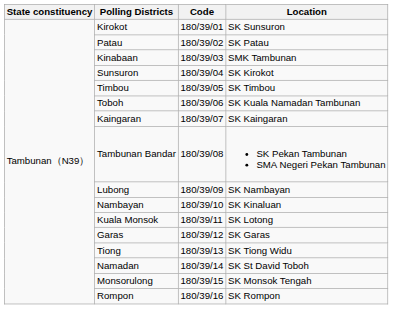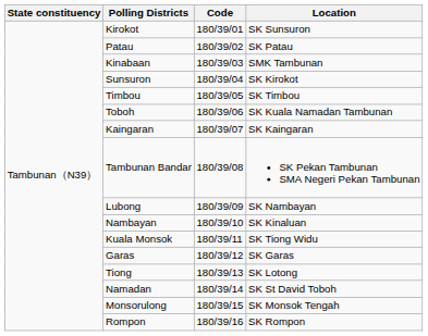 <table class="wikitable sortable mw-collapsible" style="white-space:nowrap;font-size:85%">
 <tr>
 <th>State constituency</th>
 <th>Polling Districts</th>
 <th>Code</th>
 <th>Location</th>
 </tr>
 <tr>
 <td rowspan="16">Tambunan（N39）</td>
 <td>Kirokot</td>
 <td>180/39/01</td>
 <td>SK Sunsuron</td>
 </tr>
 <tr>
 <td>Patau</td>
 <td>180/39/02</td>
 <td>SK Patau</td>
 </tr>
 <tr>
 <td>Kinabaan</td>
 <td>180/39/03</td>
 <td>SMK Tambunan</td>
 </tr>
 <tr>
 <td>Sunsuron</td>
 <td>180/39/04</td>
 <td>SK Kirokot</td>
 </tr>
 <tr>
 <td>Timbou</td>
 <td>180/39/05</td>
 <td>SK Timbou</td>
 </tr>
 <tr>
 <td>Toboh</td>
 <td>180/39/06</td>
 <td>SK Kuala Namadan Tambunan</td>
 </tr>
 <tr>
 <td>Kaingaran</td>
 <td>180/39/07</td>
 <td>SK Kaingaran</td>
 </tr>
 <tr>
 <td>Tambunan Bandar</td>
 <td>180/39/08</td>
 <td><br><ul><li>SK Pekan Tambunan</li><li>SMA Negeri Pekan Tambunan</li></ul></td>
 </tr>
 <tr>
 <td>Lubong</td>
 <td>180/39/09</td>
 <td>SK Nambayan</td>
 </tr>
 <tr>
 <td>Nambayan</td>
 <td>180/39/10</td>
 <td>SK Kinaluan</td>
 </tr>
 <tr>
 <td>Kuala Monsok</td>
 <td>180/39/11</td>
-<td>SK Lotong</td>
+<td>SK Tiong Widu</td>
 </tr>
 <tr>
 <td>Garas</td>
 <td>180/39/12</td>
 <td>SK Garas</td>
 </tr>
 <tr>
 <td>Tiong</td>
 <td>180/39/13</td>
-<td>SK Tiong Widu</td>
+<td>SK Lotong</td>
 </tr>
 <tr>
 <td>Namadan</td>
 <td>180/39/14</td>
 <td>SK St David Toboh</td>
 </tr>
 <tr>
 <td>Monsorulong</td>
 <td>180/39/15</td>
 <td>SK Monsok Tengah</td>
 </tr>
 <tr>
 <td>Rompon</td>
 <td>180/39/16</td>
 <td>SK Rompon</td>
 </tr>
 </table>
